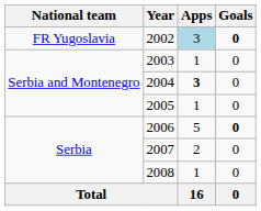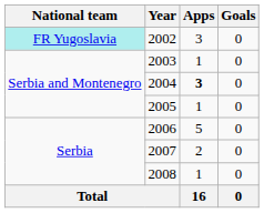 <table class="wikitable" style="text-align:center">
 <tr>
 <th>National team</th>
 <th>Year</th>
 <th>Apps</th>
 <th>Goals</th>
 </tr>
 <tr>
-<td rowspan="1"><a href='#'>FR Yugoslavia</a></td>
+<td rowspan="1" style="background: paleturquoise;"><a href='#'>FR Yugoslavia</a></td>
 <td>2002</td>
-<td style="background: lightblue;">3</td>
-<td><strong>0</strong></td>
+<td>3</td>
+<td>0</td>
 </tr>
 <tr>
 <td rowspan="3"><a href='#'>Serbia and Montenegro</a></td>
 <td>2003</td>
 <td>1</td>
 <td>0</td>
 </tr>
 <tr>
 <td>2004</td>
 <td><strong>3</strong></td>
 <td>0</td>
 </tr>
 <tr>
 <td>2005</td>
 <td>1</td>
 <td>0</td>
 </tr>
 <tr>
 <td rowspan="3"><a href='#'>Serbia</a></td>
 <td>2006</td>
 <td>5</td>
-<td><strong>0</strong></td>
+<td>0</td>
 </tr>
 <tr>
 <td>2007</td>
 <td>2</td>
 <td>0</td>
 </tr>
 <tr>
 <td>2008</td>
 <td>1</td>
 <td>0</td>
 </tr>
 <tr>
 <th colspan="2">Total</th>
 <th>16</th>
 <th>0</th>
 </tr>
 </table>
